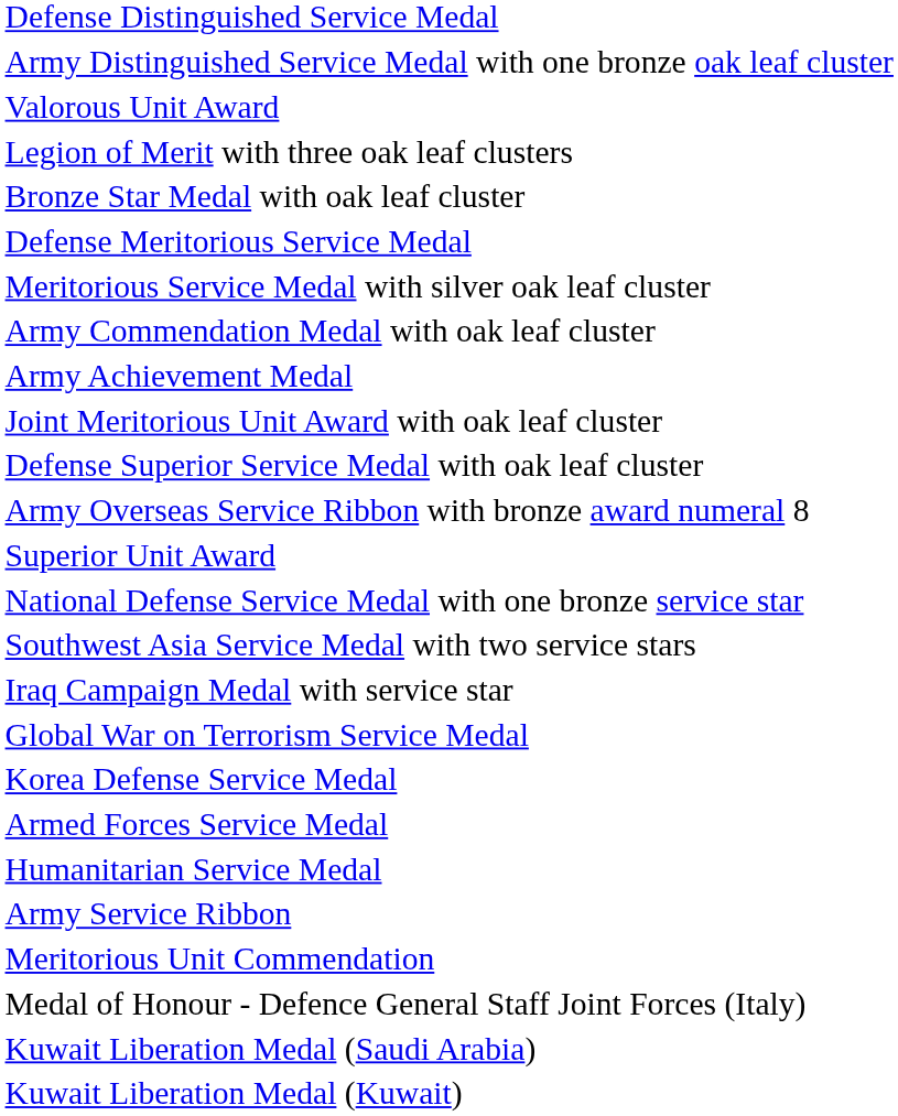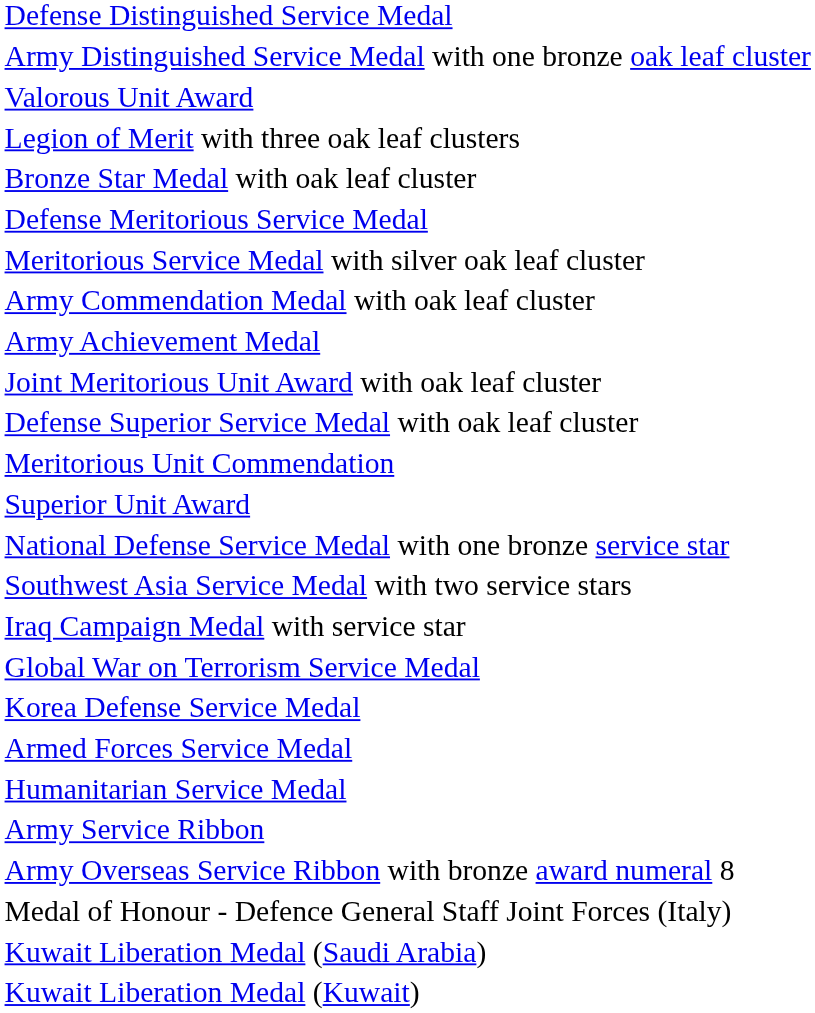 <table>
 <tr>
 <td> <a href='#'>Defense Distinguished Service Medal</a></td>
 </tr>
 <tr>
 <td> <a href='#'>Army Distinguished Service Medal</a> with one bronze <a href='#'>oak leaf cluster</a></td>
 </tr>
 <tr>
 <td> <a href='#'>Valorous Unit Award</a></td>
 </tr>
 <tr>
 <td><span></span><span></span><span></span> <a href='#'>Legion of Merit</a> with three oak leaf clusters</td>
 </tr>
 <tr>
 <td> <a href='#'>Bronze Star Medal</a> with oak leaf cluster</td>
 </tr>
 <tr>
 <td> <a href='#'>Defense Meritorious Service Medal</a></td>
 </tr>
 <tr>
 <td> <a href='#'>Meritorious Service Medal</a> with silver oak leaf cluster</td>
 </tr>
 <tr>
 <td> <a href='#'>Army Commendation Medal</a> with oak leaf cluster</td>
 </tr>
 <tr>
 <td> <a href='#'>Army Achievement Medal</a></td>
 </tr>
 <tr>
 <td> <a href='#'>Joint Meritorious Unit Award</a> with oak leaf cluster</td>
 </tr>
 <tr>
 <td> <a href='#'>Defense Superior Service Medal</a> with oak leaf cluster</td>
 </tr>
 <tr>
-<td><span></span> <a href='#'>Army Overseas Service Ribbon</a> with bronze <a href='#'>award numeral</a> 8</td>
+<td> <a href='#'>Meritorious Unit Commendation</a></td>
 </tr>
 <tr>
 <td> <a href='#'>Superior Unit Award</a></td>
 </tr>
 <tr>
 <td> <a href='#'>National Defense Service Medal</a> with one bronze <a href='#'>service star</a></td>
 </tr>
 <tr>
 <td><span></span><span></span> <a href='#'>Southwest Asia Service Medal</a> with two service stars</td>
 </tr>
 <tr>
 <td> <a href='#'>Iraq Campaign Medal</a> with service star</td>
 </tr>
 <tr>
 <td> <a href='#'>Global War on Terrorism Service Medal</a></td>
 </tr>
 <tr>
 <td> <a href='#'>Korea Defense Service Medal</a></td>
 </tr>
 <tr>
 <td> <a href='#'>Armed Forces Service Medal</a></td>
 </tr>
 <tr>
 <td> <a href='#'>Humanitarian Service Medal</a></td>
 </tr>
 <tr>
 <td> <a href='#'>Army Service Ribbon</a></td>
 </tr>
 <tr>
-<td> <a href='#'>Meritorious Unit Commendation</a></td>
+<td><span></span> <a href='#'>Army Overseas Service Ribbon</a> with bronze <a href='#'>award numeral</a> 8</td>
 </tr>
 <tr>
 <td> Medal of Honour - Defence General Staff Joint Forces (Italy)</td>
 </tr>
 <tr>
 <td> <a href='#'>Kuwait Liberation Medal</a> (<a href='#'>Saudi Arabia</a>)</td>
 </tr>
 <tr>
 <td> <a href='#'>Kuwait Liberation Medal</a> (<a href='#'>Kuwait</a>)</td>
 </tr>
 </table>
